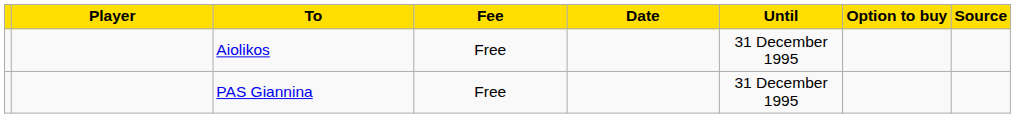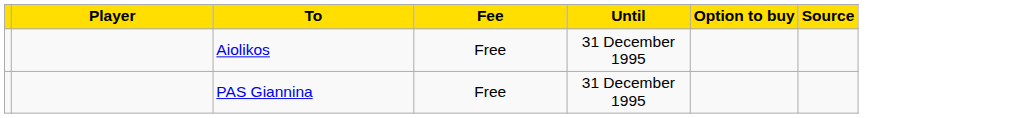 <table class="wikitable sortable">
 <tr>
 <th style="background:#FFDE00"></th>
 <th width=200 style="background:#FFDE00">Player</th>
 <th width=200 style="background:#FFDE00">To</th>
 <th width=150 style="background:#FFDE00">Fee</th>
-<th width=150 style="background:#FFDE00">Date</th>
 <th width=120 style="background:#FFDE00">Until</th>
 <th style="background:#FFDE00">Option to buy</th>
 <th style="background:#FFDE00">Source</th>
 </tr>
 <tr>
 <td align=center></td>
 <td></td>
 <td> <a href='#'>Aiolikos</a></td>
 <td align=center>Free</td>
-<td align=center></td>
 <td align=center>31 December 1995</td>
 <td align=center></td>
 <td align=center></td>
 </tr>
 <tr>
 <td align=center></td>
 <td></td>
 <td> <a href='#'>PAS Giannina</a></td>
 <td align=center>Free</td>
-<td align=center></td>
 <td align=center>31 December 1995</td>
 <td align=center></td>
 <td align=center></td>
 </tr>
 </table>
